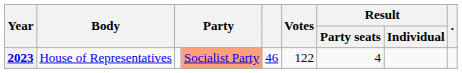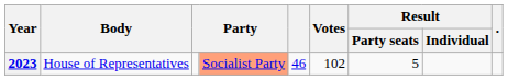 <table class="wikitable plainrowheaders sortable" border=2 cellpadding=4 cellspacing=0 style="border: 1px #aaa solid; font-size: 90%; text-align:center;">
 <tr>
 <th scope="col" rowspan=2>Year</th>
 <th scope="col" rowspan=2>Body</th>
 <th scope="col" colspan=2 rowspan=2>Party</th>
 <th scope="col" rowspan=2></th>
 <th scope="col" rowspan=2>Votes</th>
 <th scope="colgroup" colspan=2>Result</th>
 <th scope="col" rowspan=2 class="unsortable">.</th>
 </tr>
 <tr>
 <th scope="col">Party seats</th>
 <th scope="col">Individual</th>
 </tr>
 <tr>
 <th scope="row"><a href='#'>2023</a></th>
 <td><a href='#'>House of Representatives</a></td>
 <td style="background-color:"></td>
 <td style="background: lightsalmon;"><a href='#'>Socialist Party</a></td>
 <td style=text-align:right><a href='#'>46</a></td>
-<td style=text-align:right>122</td>
-<td style=text-align:right>4</td>
+<td style=text-align:right>102</td>
+<td style=text-align:right>5</td>
 <td></td>
 <td></td>
 </tr>
 </table>
